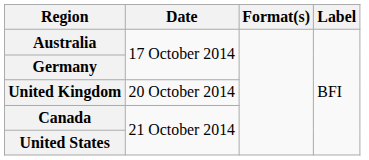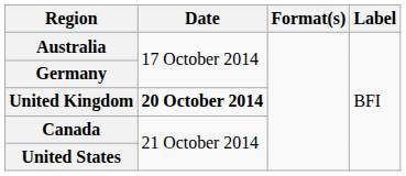 <table class="wikitable plainrowheaders">
 <tr>
 <th scope="col">Region</th>
 <th scope="col">Date</th>
 <th scope="col">Format(s)</th>
 <th scope="col">Label</th>
 </tr>
 <tr>
 <th scope="row">Australia</th>
 <td rowspan="2">17 October 2014</td>
 <td rowspan="5"></td>
 <td rowspan="5">BFI</td>
 </tr>
 <tr>
 <th scope="row">Germany</th>
 </tr>
 <tr>
 <th scope="row">United Kingdom</th>
-<td>20 October 2014</td>
+<td><strong>20 October 2014</strong></td>
 </tr>
 <tr>
 <th scope="row">Canada</th>
 <td rowspan="2">21 October 2014</td>
 </tr>
 <tr>
 <th scope="row">United States</th>
 </tr>
 </table>
